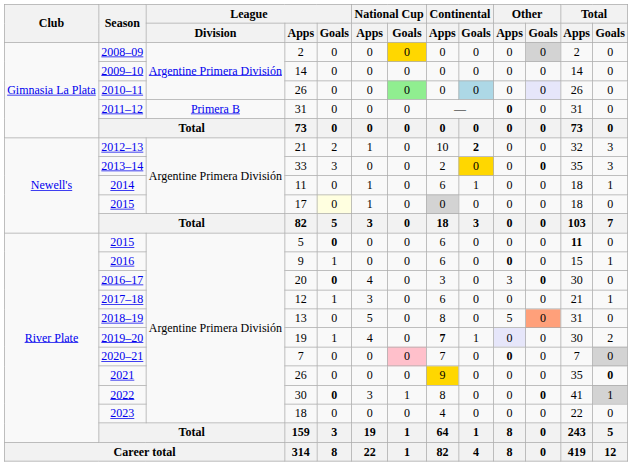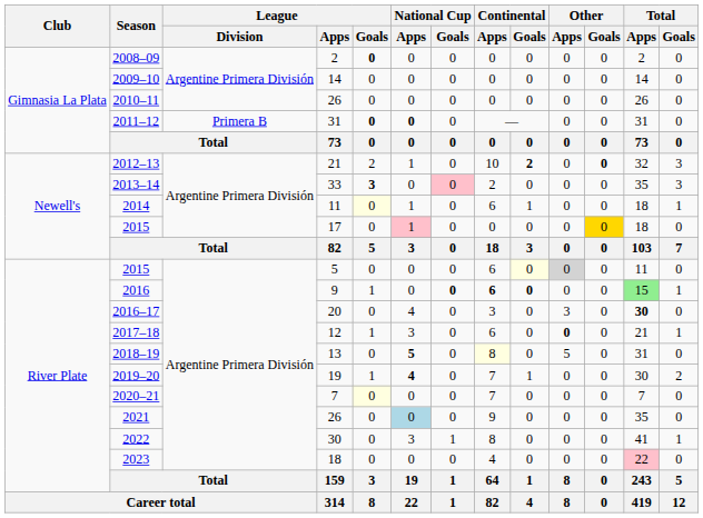 <table class="wikitable" style="text-align:center">
 <tr>
 <th rowspan="2">Club</th>
 <th rowspan="2">Season</th>
 <th colspan="3">League</th>
 <th colspan="2">National Cup</th>
 <th colspan="2">Continental</th>
 <th colspan="2">Other</th>
 <th colspan="2">Total</th>
 </tr>
 <tr>
 <th>Division</th>
 <th>Apps</th>
 <th>Goals</th>
 <th>Apps</th>
 <th>Goals</th>
 <th>Apps</th>
 <th>Goals</th>
 <th>Apps</th>
 <th>Goals</th>
 <th>Apps</th>
 <th>Goals</th>
 </tr>
 <tr>
 <td rowspan="5"><a href='#'>Gimnasia La Plata</a></td>
 <td><a href='#'>2008–09</a></td>
 <td rowspan="3"><a href='#'>Argentine Primera División</a></td>
 <td>2</td>
-<td>0</td>
-<td>0</td>
-<td style="background: gold;">0</td>
+<td><strong>0</strong></td>
 <td>0</td>
 <td>0</td>
 <td>0</td>
-<td style="background: lightgrey;">0</td>
+<td>0</td>
+<td>0</td>
+<td>0</td>
 <td>2</td>
 <td>0</td>
 </tr>
 <tr>
 <td><a href='#'>2009–10</a></td>
 <td>14</td>
 <td>0</td>
 <td>0</td>
 <td>0</td>
 <td>0</td>
 <td>0</td>
 <td>0</td>
 <td>0</td>
 <td>14</td>
 <td>0</td>
 </tr>
 <tr>
 <td><a href='#'>2010–11</a></td>
 <td>26</td>
 <td>0</td>
 <td>0</td>
-<td style="background: lightgreen;">0</td>
 <td>0</td>
-<td style="background: lightblue;">0</td>
 <td>0</td>
-<td style="background: lavender;">0</td>
+<td>0</td>
+<td>0</td>
+<td>0</td>
 <td>26</td>
 <td>0</td>
 </tr>
 <tr>
 <td><a href='#'>2011–12</a></td>
 <td><a href='#'>Primera B</a></td>
 <td>31</td>
-<td>0</td>
-<td>0</td>
+<td><strong>0</strong></td>
+<td><strong>0</strong></td>
 <td>0</td>
 <td colspan="2">—</td>
-<td><strong>0</strong></td>
+<td>0</td>
 <td>0</td>
 <td>31</td>
 <td>0</td>
 </tr>
 <tr>
 <th colspan="2">Total</th>
 <th>73</th>
 <th>0</th>
 <th>0</th>
 <th>0</th>
 <th>0</th>
 <th>0</th>
 <th>0</th>
 <th>0</th>
 <th>73</th>
 <th>0</th>
 </tr>
 <tr>
 <td rowspan="5"><a href='#'>Newell's</a></td>
 <td><a href='#'>2012–13</a></td>
 <td rowspan="4">Argentine Primera División</td>
 <td>21</td>
 <td>2</td>
 <td>1</td>
 <td>0</td>
 <td>10</td>
 <td><strong>2</strong></td>
 <td>0</td>
-<td>0</td>
+<td><strong>0</strong></td>
 <td>32</td>
 <td>3</td>
 </tr>
 <tr>
 <td><a href='#'>2013–14</a></td>
 <td>33</td>
-<td>3</td>
+<td><strong>3</strong></td>
+<td>0</td>
+<td style="background: pink;">0</td>
+<td>2</td>
 <td>0</td>
 <td>0</td>
-<td>2</td>
-<td style="background: gold;">0</td>
 <td>0</td>
-<td><strong>0</strong></td>
 <td>35</td>
 <td>3</td>
 </tr>
 <tr>
 <td><a href='#'>2014</a></td>
 <td>11</td>
-<td>0</td>
+<td style="background: lightyellow;">0</td>
 <td>1</td>
 <td>0</td>
 <td>6</td>
 <td>1</td>
 <td>0</td>
 <td>0</td>
 <td>18</td>
 <td>1</td>
 </tr>
 <tr>
 <td><a href='#'>2015</a></td>
 <td>17</td>
-<td style="background: lightyellow;">0</td>
-<td>1</td>
 <td>0</td>
-<td style="background: lightgrey;">0</td>
+<td style="background: pink;">1</td>
 <td>0</td>
 <td>0</td>
 <td>0</td>
+<td>0</td>
+<td style="background: gold;">0</td>
 <td>18</td>
 <td>0</td>
 </tr>
 <tr>
 <th colspan="2">Total</th>
 <th>82</th>
 <th>5</th>
 <th>3</th>
 <th>0</th>
 <th>18</th>
 <th>3</th>
 <th>0</th>
 <th>0</th>
 <th>103</th>
 <th>7</th>
 </tr>
 <tr>
 <td rowspan="11"><a href='#'>River Plate</a></td>
 <td><a href='#'>2015</a></td>
 <td rowspan="10">Argentine Primera División</td>
 <td>5</td>
-<td><strong>0</strong></td>
+<td>0</td>
 <td>0</td>
 <td>0</td>
 <td>6</td>
+<td style="background: lightyellow;">0</td>
+<td style="background: lightgrey;">0</td>
 <td>0</td>
-<td>0</td>
-<td>0</td>
-<td><strong>11</strong></td>
+<td>11</td>
 <td>0</td>
 </tr>
 <tr>
 <td><a href='#'>2016</a></td>
 <td>9</td>
 <td>1</td>
 <td>0</td>
-<td>0</td>
-<td>6</td>
-<td>0</td>
+<td><strong>0</strong></td>
+<td><strong>6</strong></td>
 <td><strong>0</strong></td>
 <td>0</td>
-<td>15</td>
+<td>0</td>
+<td style="background: lightgreen;">15</td>
 <td>1</td>
 </tr>
 <tr>
 <td><a href='#'>2016–17</a></td>
 <td>20</td>
-<td><strong>0</strong></td>
+<td>0</td>
 <td>4</td>
 <td>0</td>
 <td>3</td>
 <td>0</td>
 <td>3</td>
-<td><strong>0</strong></td>
-<td>30</td>
+<td>0</td>
+<td><strong>30</strong></td>
 <td>0</td>
 </tr>
 <tr>
 <td><a href='#'>2017–18</a></td>
 <td>12</td>
 <td>1</td>
 <td>3</td>
 <td>0</td>
 <td>6</td>
 <td>0</td>
-<td>0</td>
+<td><strong>0</strong></td>
 <td>0</td>
 <td>21</td>
 <td>1</td>
 </tr>
 <tr>
 <td><a href='#'>2018–19</a></td>
 <td>13</td>
 <td>0</td>
+<td><strong>5</strong></td>
+<td>0</td>
+<td style="background: lightyellow;">8</td>
+<td>0</td>
 <td>5</td>
 <td>0</td>
-<td>8</td>
-<td>0</td>
-<td>5</td>
-<td style="background: lightsalmon;">0</td>
 <td>31</td>
 <td>0</td>
 </tr>
 <tr>
 <td><a href='#'>2019–20</a></td>
 <td>19</td>
 <td>1</td>
-<td>4</td>
+<td><strong>4</strong></td>
 <td>0</td>
-<td><strong>7</strong></td>
+<td>7</td>
 <td>1</td>
-<td style="background: lavender;">0</td>
+<td>0</td>
 <td>0</td>
 <td>30</td>
 <td>2</td>
 </tr>
 <tr>
 <td><a href='#'>2020–21</a></td>
 <td>7</td>
+<td style="background: lightyellow;">0</td>
 <td>0</td>
 <td>0</td>
-<td style="background: pink;">0</td>
 <td>7</td>
 <td>0</td>
-<td><strong>0</strong></td>
+<td>0</td>
 <td>0</td>
 <td>7</td>
-<td style="background: lightgrey;">0</td>
+<td>0</td>
 </tr>
 <tr>
 <td><a href='#'>2021</a></td>
 <td>26</td>
 <td>0</td>
+<td style="background: lightblue;">0</td>
 <td>0</td>
-<td>0</td>
-<td style="background: gold;">9</td>
+<td>9</td>
 <td>0</td>
 <td>0</td>
 <td>0</td>
 <td>35</td>
-<td><strong>0</strong></td>
+<td>0</td>
 </tr>
 <tr>
 <td><a href='#'>2022</a></td>
 <td>30</td>
-<td><strong>0</strong></td>
+<td>0</td>
 <td>3</td>
 <td>1</td>
 <td>8</td>
 <td>0</td>
 <td>0</td>
-<td><strong>0</strong></td>
+<td>0</td>
 <td>41</td>
-<td style="background: lightgrey;">1</td>
+<td>1</td>
 </tr>
 <tr>
 <td><a href='#'>2023</a></td>
 <td>18</td>
 <td>0</td>
 <td>0</td>
 <td>0</td>
 <td>4</td>
 <td>0</td>
 <td>0</td>
 <td>0</td>
-<td>22</td>
+<td style="background: pink;">22</td>
 <td>0</td>
 </tr>
 <tr>
 <th colspan="2">Total</th>
 <th>159</th>
 <th>3</th>
 <th>19</th>
 <th>1</th>
 <th>64</th>
 <th>1</th>
 <th>8</th>
 <th>0</th>
 <th>243</th>
 <th>5</th>
 </tr>
 <tr>
 <th colspan="3">Career total</th>
 <th>314</th>
 <th>8</th>
 <th>22</th>
 <th>1</th>
 <th>82</th>
 <th>4</th>
 <th>8</th>
 <th>0</th>
 <th>419</th>
 <th>12</th>
 </tr>
 </table>
